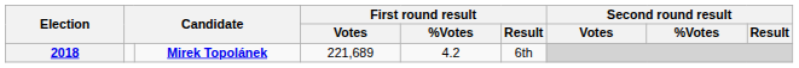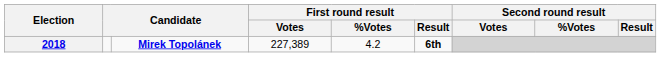 <table class="wikitable" style=text-align:center;font-size:85%;line-height:14px;">
 <tr>
 <th width="120" rowspan="2">Election</th>
 <th width="180" rowspan="2" colspan=2>Candidate</th>
 <th width="200" colspan=3>First round result</th>
 <th width="200" colspan=3>Second round result</th>
 </tr>
 <tr>
 <th width="100">Votes</th>
 <th width="100">%Votes</th>
 <th>Result</th>
 <th width="100">Votes</th>
 <th width="100">%Votes</th>
 <th>Result</th>
 </tr>
 <tr>
 <th><a href='#'>2018</a></th>
 <td style="background-color: "></td>
 <td><strong><a href='#'>Mirek Topolánek</a></strong></td>
-<td>221,689</td>
+<td>227,389</td>
 <td>4.2</td>
-<td>6th</td>
+<td><strong>6th</strong></td>
 <td colspan="3"  style="background-color:lightgrey;"></td>
 </tr>
 </table>
